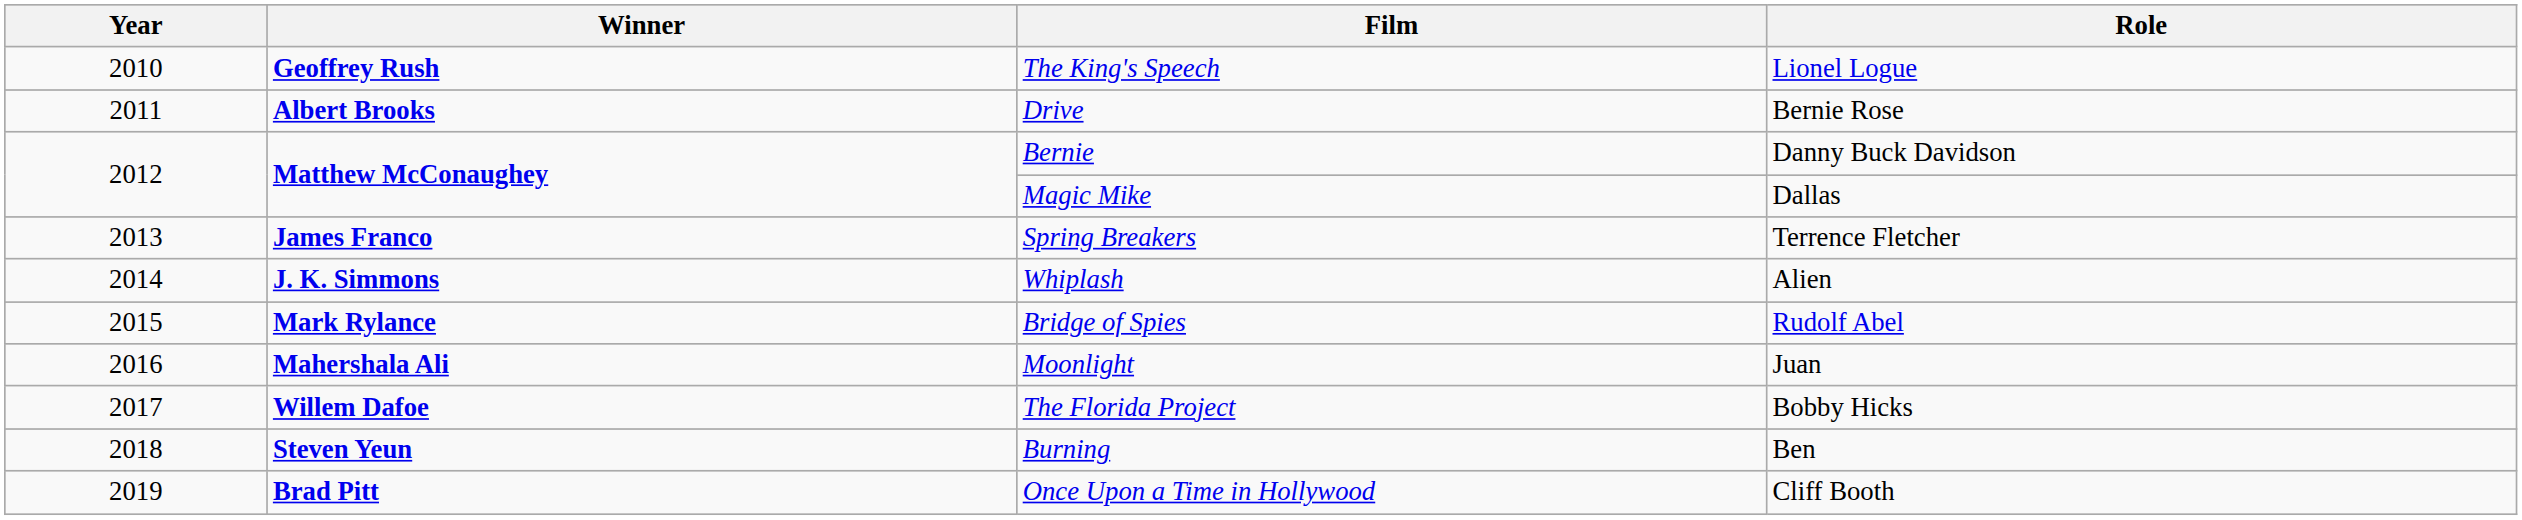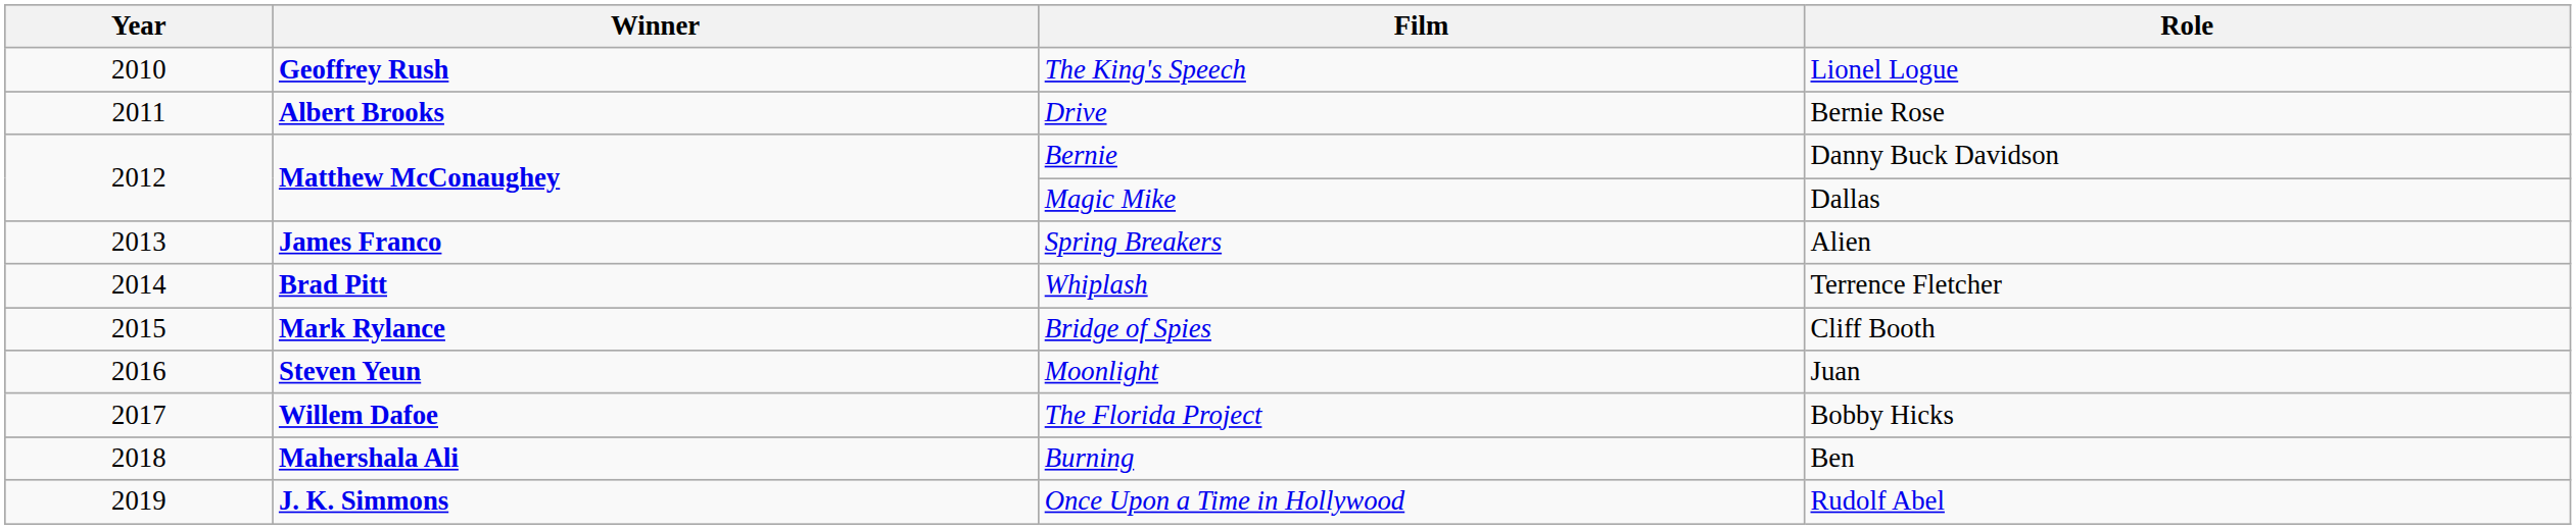 <table class="wikitable" width="95%" cellpadding="5">
 <tr>
 <th width="100"><strong>Year</strong></th>
 <th width="300"><strong>Winner</strong></th>
 <th width="300"><strong>Film</strong></th>
 <th width="300"><strong>Role</strong></th>
 </tr>
 <tr>
 <td style="text-align:center;">2010</td>
 <td><strong><a href='#'>Geoffrey Rush</a></strong></td>
 <td><em><a href='#'>The King's Speech</a></em></td>
 <td><a href='#'>Lionel Logue</a></td>
 </tr>
 <tr>
 <td style="text-align:center;">2011</td>
 <td><strong><a href='#'>Albert Brooks</a></strong></td>
 <td><em><a href='#'>Drive</a></em></td>
 <td>Bernie Rose</td>
 </tr>
 <tr>
 <td rowspan="2" style="text-align:center;">2012</td>
 <td rowspan="2"><strong><a href='#'>Matthew McConaughey</a></strong></td>
 <td><em><a href='#'>Bernie</a></em></td>
 <td>Danny Buck Davidson</td>
 </tr>
 <tr>
 <td><em><a href='#'>Magic Mike</a></em></td>
 <td>Dallas</td>
 </tr>
 <tr>
 <td style="text-align:center;">2013</td>
 <td><strong><a href='#'>James Franco</a></strong></td>
 <td><em><a href='#'>Spring Breakers</a></em></td>
-<td>Terrence Fletcher</td>
+<td>Alien</td>
 </tr>
 <tr>
 <td style="text-align:center;">2014</td>
-<td><strong><a href='#'>J. K. Simmons</a></strong></td>
+<td><strong><a href='#'>Brad Pitt</a></strong></td>
 <td><em><a href='#'>Whiplash</a></em></td>
-<td>Alien</td>
+<td>Terrence Fletcher</td>
 </tr>
 <tr>
 <td style="text-align:center;">2015</td>
 <td><strong><a href='#'>Mark Rylance</a></strong></td>
 <td><em><a href='#'>Bridge of Spies</a></em></td>
-<td><a href='#'>Rudolf Abel</a></td>
+<td>Cliff Booth </td>
 </tr>
 <tr>
 <td style="text-align:center;">2016</td>
-<td><strong><a href='#'>Mahershala Ali</a></strong></td>
+<td><strong><a href='#'>Steven Yeun</a></strong></td>
 <td><em><a href='#'>Moonlight</a></em></td>
 <td>Juan </td>
 </tr>
 <tr>
 <td style="text-align:center;">2017</td>
 <td><strong><a href='#'>Willem Dafoe</a></strong></td>
 <td><em><a href='#'>The Florida Project</a></em></td>
 <td>Bobby Hicks </td>
 </tr>
 <tr>
 <td style="text-align:center;">2018</td>
-<td><strong><a href='#'>Steven Yeun</a></strong></td>
+<td><strong><a href='#'>Mahershala Ali</a></strong></td>
 <td><em><a href='#'>Burning</a></em></td>
 <td>Ben</td>
 </tr>
 <tr>
 <td style="text-align:center;">2019</td>
-<td><strong><a href='#'>Brad Pitt</a></strong></td>
+<td><strong><a href='#'>J. K. Simmons</a></strong></td>
 <td><em><a href='#'>Once Upon a Time in Hollywood</a></em></td>
-<td>Cliff Booth </td>
+<td><a href='#'>Rudolf Abel</a></td>
 </tr>
 </table>
